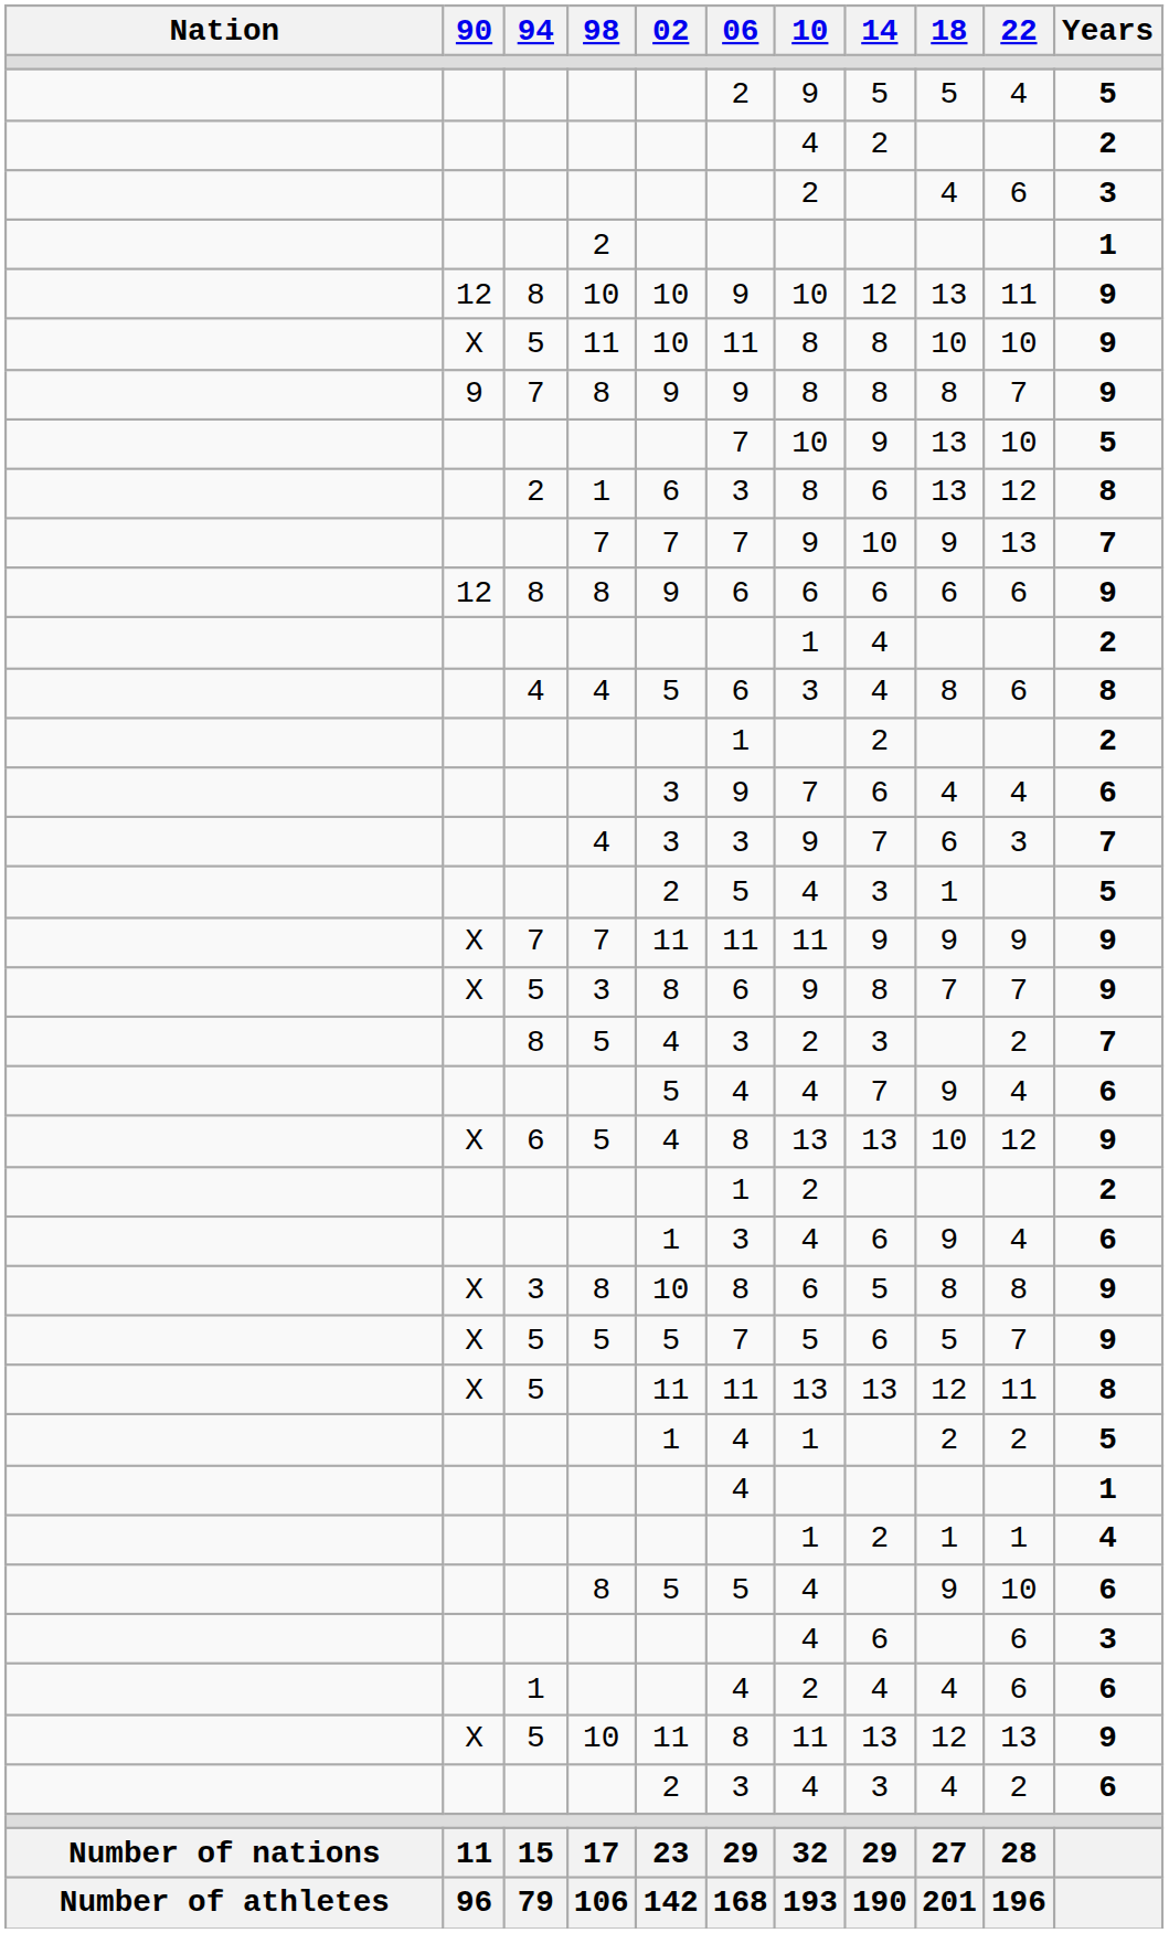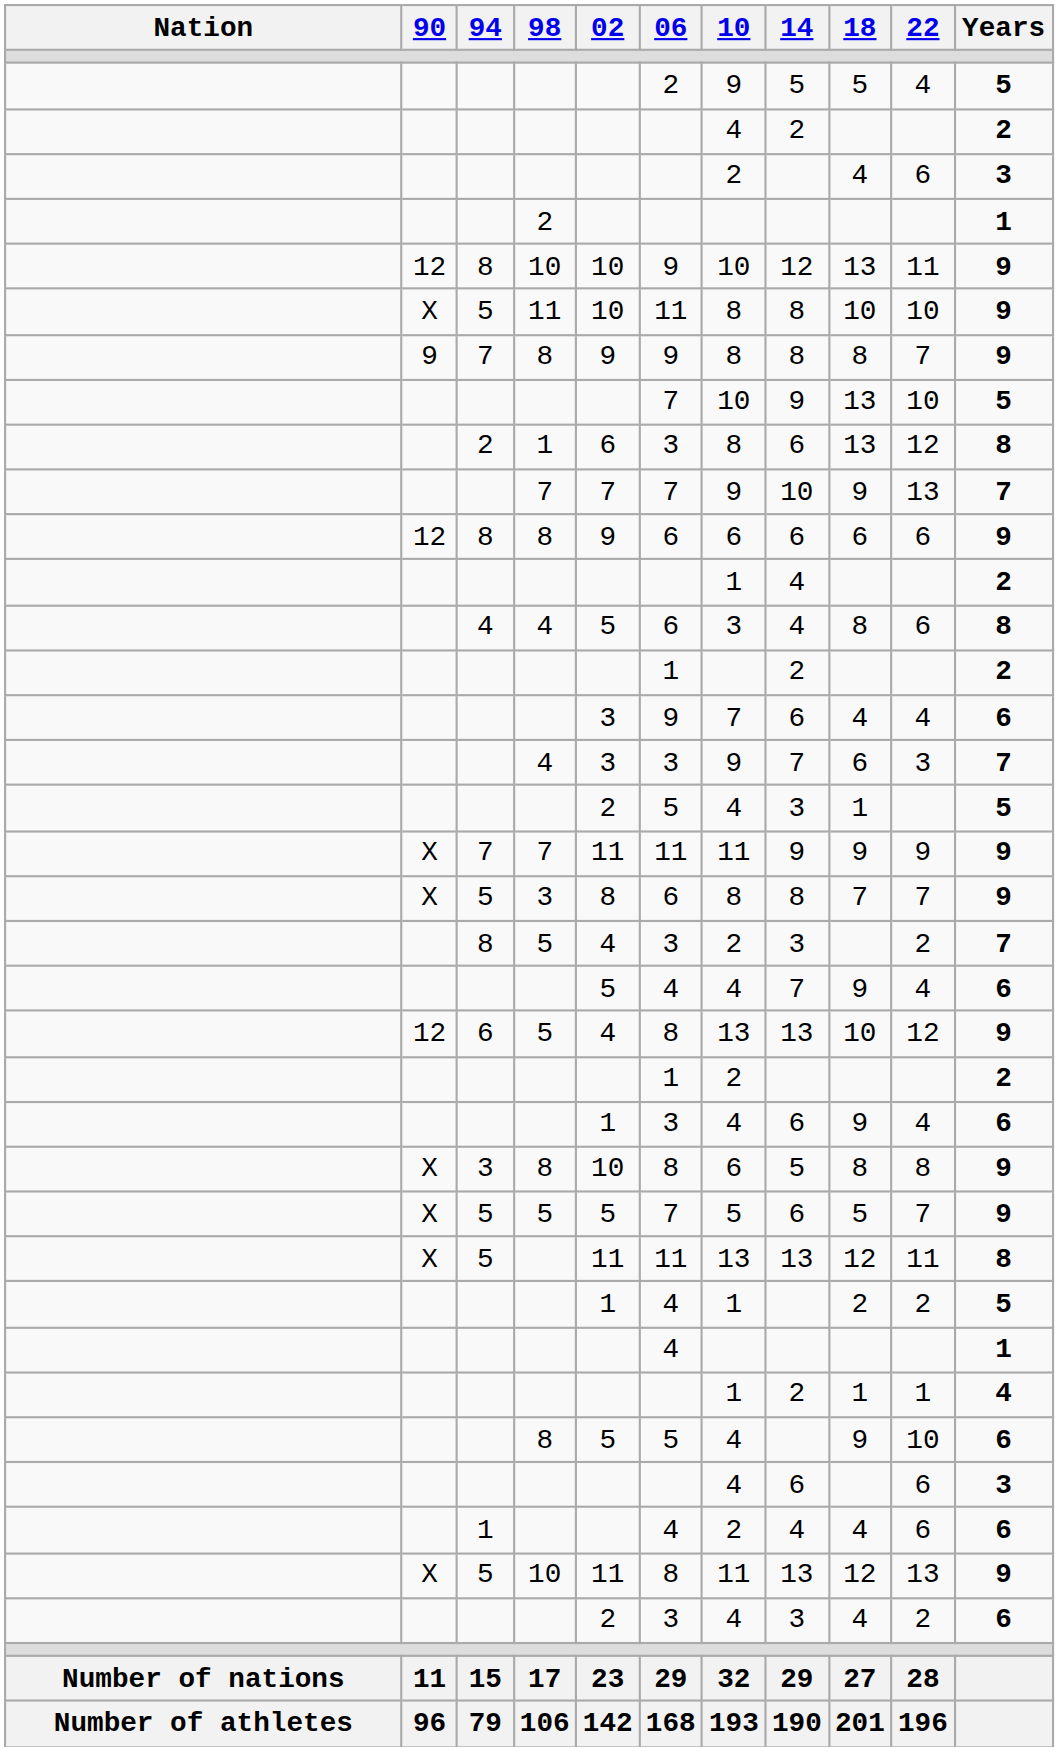 <table class="wikitable" style="text-align:center;">
 <tr>
 <th width=180>Nation</th>
 <th width=20><a href='#'>90</a></th>
 <th width=20><a href='#'>94</a></th>
 <th width=20><a href='#'>98</a></th>
 <th width=20><a href='#'>02</a></th>
 <th width=20><a href='#'>06</a></th>
 <th width=20><a href='#'>10</a></th>
 <th width=20><a href='#'>14</a></th>
 <th width=20><a href='#'>18</a></th>
 <th><a href='#'>22</a></th>
 <th width="40">Years</th>
 </tr>
 <tr bgcolor=#DDDDDD>
 <td colspan="11"></td>
 </tr>
 <tr>
 <td align=left></td>
 <td></td>
 <td></td>
 <td></td>
 <td></td>
 <td>2</td>
 <td>9</td>
 <td>5</td>
 <td>5</td>
 <td>4</td>
 <td><strong>5</strong></td>
 </tr>
 <tr>
 <td align=left></td>
 <td></td>
 <td></td>
 <td></td>
 <td></td>
 <td></td>
 <td>4</td>
 <td>2</td>
 <td></td>
 <td></td>
 <td><strong>2</strong></td>
 </tr>
 <tr>
 <td align=left></td>
 <td></td>
 <td></td>
 <td></td>
 <td></td>
 <td></td>
 <td>2</td>
 <td></td>
 <td>4</td>
 <td>6</td>
 <td><strong>3</strong></td>
 </tr>
 <tr>
 <td align=left></td>
 <td></td>
 <td></td>
 <td>2</td>
 <td></td>
 <td></td>
 <td></td>
 <td></td>
 <td></td>
 <td></td>
 <td><strong>1</strong></td>
 </tr>
 <tr>
 <td align=left></td>
 <td>12</td>
 <td>8</td>
 <td>10</td>
 <td>10</td>
 <td>9</td>
 <td>10</td>
 <td>12</td>
 <td>13</td>
 <td>11</td>
 <td><strong>9</strong></td>
 </tr>
 <tr>
 <td align=left></td>
 <td>X</td>
 <td>5</td>
 <td>11</td>
 <td>10</td>
 <td>11</td>
 <td>8</td>
 <td>8</td>
 <td>10</td>
 <td>10</td>
 <td><strong>9</strong></td>
 </tr>
 <tr>
 <td align=left></td>
 <td>9</td>
 <td>7</td>
 <td>8</td>
 <td>9</td>
 <td>9</td>
 <td>8</td>
 <td>8</td>
 <td>8</td>
 <td>7</td>
 <td><strong>9</strong></td>
 </tr>
 <tr>
 <td align=left></td>
 <td></td>
 <td></td>
 <td></td>
 <td></td>
 <td>7</td>
 <td>10</td>
 <td>9</td>
 <td>13</td>
 <td>10</td>
 <td><strong>5</strong></td>
 </tr>
 <tr>
 <td align=left></td>
 <td></td>
 <td>2</td>
 <td>1</td>
 <td>6</td>
 <td>3</td>
 <td>8</td>
 <td>6</td>
 <td>13</td>
 <td>12</td>
 <td><strong>8</strong></td>
 </tr>
 <tr>
 <td align=left></td>
 <td></td>
 <td></td>
 <td>7</td>
 <td>7</td>
 <td>7</td>
 <td>9</td>
 <td>10</td>
 <td>9</td>
 <td>13</td>
 <td><strong>7</strong></td>
 </tr>
 <tr>
 <td align=left></td>
 <td>12</td>
 <td>8</td>
 <td>8</td>
 <td>9</td>
 <td>6</td>
 <td>6</td>
 <td>6</td>
 <td>6</td>
 <td>6</td>
 <td><strong>9</strong></td>
 </tr>
 <tr>
 <td align=left></td>
 <td></td>
 <td></td>
 <td></td>
 <td></td>
 <td></td>
 <td>1</td>
 <td>4</td>
 <td></td>
 <td></td>
 <td><strong>2</strong></td>
 </tr>
 <tr>
 <td align=left></td>
 <td></td>
 <td>4</td>
 <td>4</td>
 <td>5</td>
 <td>6</td>
 <td>3</td>
 <td>4</td>
 <td>8</td>
 <td>6</td>
 <td><strong>8</strong></td>
 </tr>
 <tr>
 <td align=left></td>
 <td></td>
 <td></td>
 <td></td>
 <td></td>
 <td>1</td>
 <td></td>
 <td>2</td>
 <td></td>
 <td></td>
 <td><strong>2</strong></td>
 </tr>
 <tr>
 <td align=left></td>
 <td></td>
 <td></td>
 <td></td>
 <td>3</td>
 <td>9</td>
 <td>7</td>
 <td>6</td>
 <td>4</td>
 <td>4</td>
 <td><strong>6</strong></td>
 </tr>
 <tr>
 <td align=left></td>
 <td></td>
 <td></td>
 <td>4</td>
 <td>3</td>
 <td>3</td>
 <td>9</td>
 <td>7</td>
 <td>6</td>
 <td>3</td>
 <td><strong>7</strong></td>
 </tr>
 <tr>
 <td align=left></td>
 <td></td>
 <td></td>
 <td></td>
 <td>2</td>
 <td>5</td>
 <td>4</td>
 <td>3</td>
 <td>1</td>
 <td></td>
 <td><strong>5</strong></td>
 </tr>
 <tr>
 <td align=left></td>
 <td>X</td>
 <td>7</td>
 <td>7</td>
 <td>11</td>
 <td>11</td>
 <td>11</td>
 <td>9</td>
 <td>9</td>
 <td>9</td>
 <td><strong>9</strong></td>
 </tr>
 <tr>
 <td align=left></td>
 <td>X</td>
 <td>5</td>
 <td>3</td>
 <td>8</td>
 <td>6</td>
-<td>9</td>
+<td>8</td>
 <td>8</td>
 <td>7</td>
 <td>7</td>
 <td><strong>9</strong></td>
 </tr>
 <tr>
 <td align=left></td>
 <td></td>
 <td>8</td>
 <td>5</td>
 <td>4</td>
 <td>3</td>
 <td>2</td>
 <td>3</td>
 <td></td>
 <td>2</td>
 <td><strong>7</strong></td>
 </tr>
 <tr>
 <td align=left></td>
 <td></td>
 <td></td>
 <td></td>
 <td>5</td>
 <td>4</td>
 <td>4</td>
 <td>7</td>
 <td>9</td>
 <td>4</td>
 <td><strong>6</strong></td>
 </tr>
 <tr>
 <td align=left></td>
-<td>X</td>
+<td>12</td>
 <td>6</td>
 <td>5</td>
 <td>4</td>
 <td>8</td>
 <td>13</td>
 <td>13</td>
 <td>10</td>
 <td>12</td>
 <td><strong>9</strong></td>
 </tr>
 <tr>
 <td align=left></td>
 <td></td>
 <td></td>
 <td></td>
 <td></td>
 <td>1</td>
 <td>2</td>
 <td></td>
 <td></td>
 <td></td>
 <td><strong>2</strong></td>
 </tr>
 <tr>
 <td align=left></td>
 <td></td>
 <td></td>
 <td></td>
 <td>1</td>
 <td>3</td>
 <td>4</td>
 <td>6</td>
 <td>9</td>
 <td>4</td>
 <td><strong>6</strong></td>
 </tr>
 <tr>
 <td align=left></td>
 <td>X</td>
 <td>3</td>
 <td>8</td>
 <td>10</td>
 <td>8</td>
 <td>6</td>
 <td>5</td>
 <td>8</td>
 <td>8</td>
 <td><strong>9</strong></td>
 </tr>
 <tr>
 <td align=left></td>
 <td>X</td>
 <td>5</td>
 <td>5</td>
 <td>5</td>
 <td>7</td>
 <td>5</td>
 <td>6</td>
 <td>5</td>
 <td>7</td>
 <td><strong>9</strong></td>
 </tr>
 <tr>
 <td align=left></td>
 <td>X</td>
 <td>5</td>
 <td></td>
 <td>11</td>
 <td>11</td>
 <td>13</td>
 <td>13</td>
 <td>12</td>
 <td>11</td>
 <td><strong>8</strong></td>
 </tr>
 <tr>
 <td align=left></td>
 <td></td>
 <td></td>
 <td></td>
 <td>1</td>
 <td>4</td>
 <td>1</td>
 <td></td>
 <td>2</td>
 <td>2</td>
 <td><strong>5</strong></td>
 </tr>
 <tr>
 <td align=left></td>
 <td></td>
 <td></td>
 <td></td>
 <td></td>
 <td>4</td>
 <td></td>
 <td></td>
 <td></td>
 <td></td>
 <td><strong>1</strong></td>
 </tr>
 <tr>
 <td align=left></td>
 <td></td>
 <td></td>
 <td></td>
 <td></td>
 <td></td>
 <td>1</td>
 <td>2</td>
 <td>1</td>
 <td>1</td>
 <td><strong>4</strong></td>
 </tr>
 <tr>
 <td align=left></td>
 <td></td>
 <td></td>
 <td>8</td>
 <td>5</td>
 <td>5</td>
 <td>4</td>
 <td></td>
 <td>9</td>
 <td>10</td>
 <td><strong>6</strong></td>
 </tr>
 <tr>
 <td align=left></td>
 <td></td>
 <td></td>
 <td></td>
 <td></td>
 <td></td>
 <td>4</td>
 <td>6</td>
 <td></td>
 <td>6</td>
 <td><strong>3</strong></td>
 </tr>
 <tr>
 <td align=left></td>
 <td></td>
 <td>1</td>
 <td></td>
 <td></td>
 <td>4</td>
 <td>2</td>
 <td>4</td>
 <td>4</td>
 <td>6</td>
 <td><strong>6</strong></td>
 </tr>
 <tr>
 <td align=left></td>
 <td>X</td>
 <td>5</td>
 <td>10</td>
 <td>11</td>
 <td>8</td>
 <td>11</td>
 <td>13</td>
 <td>12</td>
 <td>13</td>
 <td><strong>9</strong></td>
 </tr>
 <tr>
 <td align=left></td>
 <td></td>
 <td></td>
 <td></td>
 <td>2</td>
 <td>3</td>
 <td>4</td>
 <td>3</td>
 <td>4</td>
 <td>2</td>
 <td><strong>6</strong></td>
 </tr>
 <tr bgcolor=#DDDDDD>
 <td colspan="11"></td>
 </tr>
 <tr>
 <th>Number of nations</th>
 <th>11</th>
 <th>15</th>
 <th>17</th>
 <th>23</th>
 <th>29</th>
 <th>32</th>
 <th>29</th>
 <th>27</th>
 <th>28</th>
 <th></th>
 </tr>
 <tr>
 <th>Number of athletes</th>
 <th>96</th>
 <th>79</th>
 <th>106</th>
 <th>142</th>
 <th>168</th>
 <th>193</th>
 <th>190</th>
 <th>201</th>
 <th>196</th>
 <th></th>
 </tr>
 </table>
